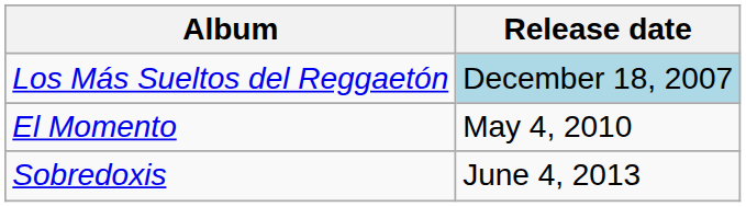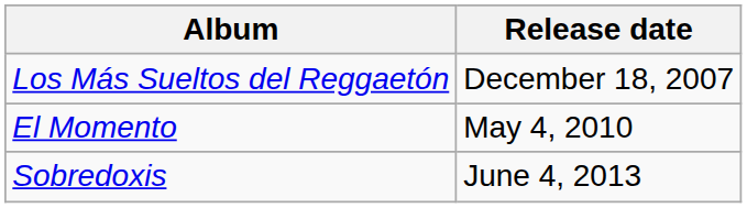 <table class="wikitable">
 <tr>
 <th>Album</th>
 <th>Release date</th>
 </tr>
 <tr>
 <td><em><a href='#'>Los Más Sueltos del Reggaetón</a></em></td>
-<td style="background: lightblue;">December 18, 2007</td>
+<td>December 18, 2007</td>
 </tr>
 <tr>
 <td><em><a href='#'>El Momento</a></em></td>
 <td>May 4, 2010</td>
 </tr>
 <tr>
 <td><em><a href='#'>Sobredoxis</a></em></td>
 <td>June 4, 2013</td>
 </tr>
 </table>
